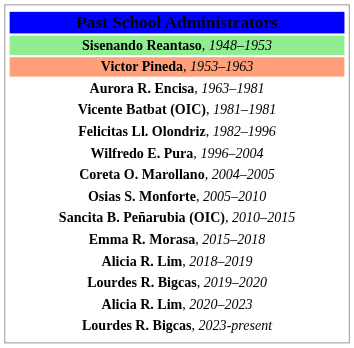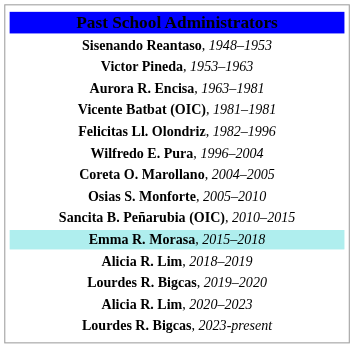 <table style="float:right; margin:1em 1em 1em 1em; width:20em; border: 1px solid #a0a0a0; padding: 2px; bg-color=black; text-align:right;">
 <tr style="text-align:center;">
 </tr>
 <tr bgcolor="#0000FF" align="center">
 <td><span><strong>Past School Administrators</strong></span></td>
 </tr>
 <tr style="text-align:left; font-size:small;">
-<td align="center" style="background: lightgreen;"><strong>Sisenando Reantaso</strong>,  <em>1948–1953</em></td>
+<td align="center"><strong>Sisenando Reantaso</strong>,  <em>1948–1953</em></td>
 </tr>
 <tr style="text-align:left; font-size:small;">
-<td align="center" style="background: lightsalmon;"><strong>Victor Pineda</strong>,  <em>1953–1963</em></td>
+<td align="center"><strong>Victor Pineda</strong>,  <em>1953–1963</em></td>
 </tr>
 <tr style="text-align:left; font-size:small;">
 <td align="center"><strong>Aurora R. Encisa</strong>,  <em>1963–1981</em></td>
 </tr>
 <tr style="text-align:left; font-size:small;">
 <td align="center"><strong>Vicente Batbat (OIC)</strong>,  <em>1981–1981</em></td>
 </tr>
 <tr style="text-align:left; font-size:small;">
 <td align="center"><strong>Felicitas Ll. Olondriz</strong>,  <em>1982–1996</em></td>
 </tr>
 <tr style="text-align:left; font-size:small;">
 <td align="center"><strong>Wilfredo E. Pura</strong>,  <em>1996–2004</em></td>
 </tr>
 <tr style="text-align:left; font-size:small;">
 <td align="center"><strong>Coreta O. Marollano</strong>,  <em>2004–2005</em></td>
 </tr>
 <tr style="text-align:left; font-size:small;">
 <td align="center"><strong>Osias S. Monforte</strong>,  <em>2005–2010</em></td>
 </tr>
 <tr style="text-align:left; font-size:small;">
 <td align="center"><strong>Sancita B. Peñarubia (OIC)</strong>,  <em>2010–2015</em></td>
 </tr>
 <tr style="text-align:left; font-size:small;">
-<td align="center"><strong>Emma R. Morasa</strong>,  <em>2015–2018</em></td>
+<td align="center" style="background: paleturquoise;"><strong>Emma R. Morasa</strong>,  <em>2015–2018</em></td>
 </tr>
 <tr style="text-align:left; font-size:small;">
 <td align="center"><strong>Alicia R. Lim</strong>,  <em>2018–2019</em></td>
 </tr>
 <tr style="text-align:left; font-size:small;">
 <td align="center"><strong>Lourdes R. Bigcas</strong>,  <em>2019–2020</em></td>
 </tr>
 <tr style="text-align:left; font-size:small;">
 <td align="center"><strong>Alicia R. Lim</strong>,  <em>2020–2023</em></td>
 </tr>
 <tr style="text-align:left; font-size:small;">
 <td align="center"><strong>Lourdes R. Bigcas</strong>,  <em>2023-present</em></td>
 </tr>
 <tr>
 </tr>
 </table>
